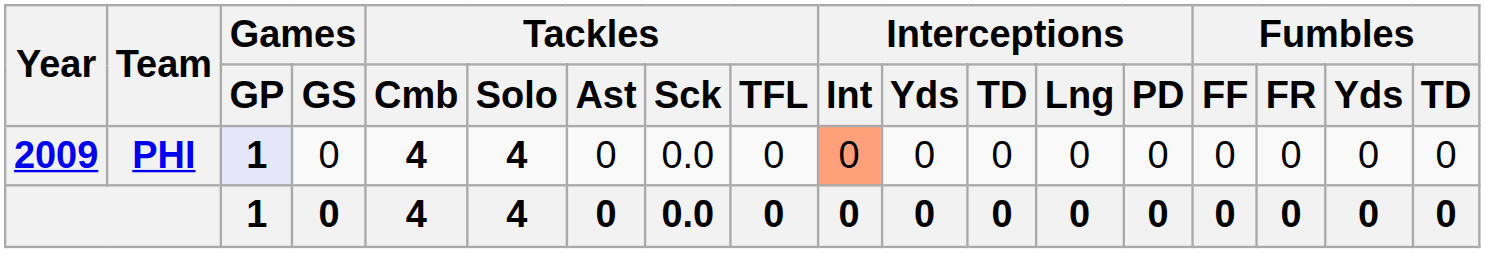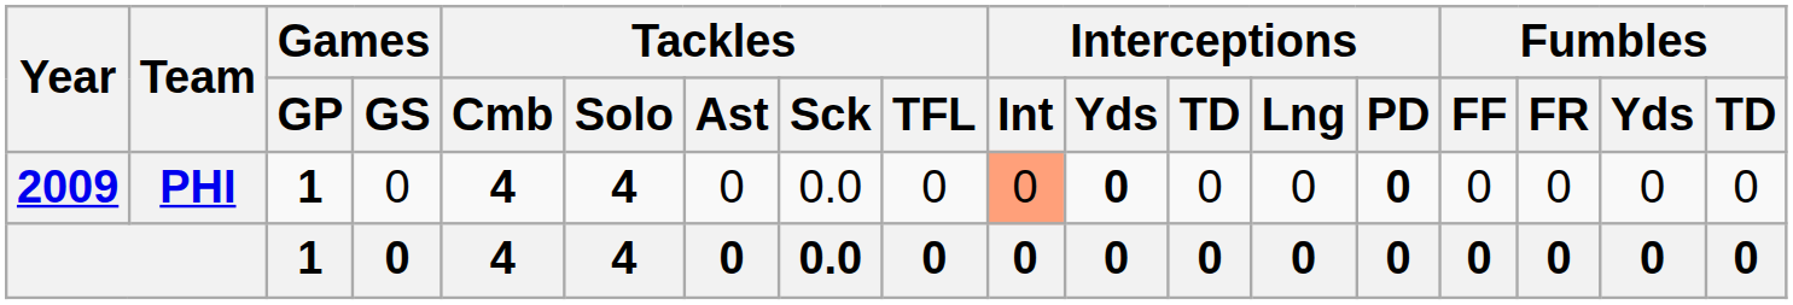 <table class="wikitable" style="text-align:center">
 <tr>
 <th rowspan="2">Year</th>
 <th rowspan="2">Team</th>
 <th colspan="2">Games</th>
 <th colspan="5">Tackles</th>
 <th colspan="5">Interceptions</th>
 <th colspan="4">Fumbles</th>
 </tr>
 <tr>
 <th>GP</th>
 <th>GS</th>
 <th>Cmb</th>
 <th>Solo</th>
 <th>Ast</th>
 <th>Sck</th>
 <th>TFL</th>
 <th>Int</th>
 <th>Yds</th>
 <th>TD</th>
 <th>Lng</th>
 <th>PD</th>
 <th>FF</th>
 <th>FR</th>
 <th>Yds</th>
 <th>TD</th>
 </tr>
 <tr>
 <th><a href='#'>2009</a></th>
 <th><a href='#'>PHI</a></th>
-<td style="background: lavender;"><strong>1</strong></td>
+<td><strong>1</strong></td>
 <td>0</td>
 <td><strong>4</strong></td>
 <td><strong>4</strong></td>
 <td>0</td>
 <td>0.0</td>
 <td>0</td>
 <td style="background: lightsalmon;">0</td>
+<td><strong>0</strong></td>
 <td>0</td>
 <td>0</td>
-<td>0</td>
-<td>0</td>
+<td><strong>0</strong></td>
 <td>0</td>
 <td>0</td>
 <td>0</td>
 <td>0</td>
 </tr>
 <tr>
 <th colspan="2"></th>
 <th>1</th>
 <th>0</th>
 <th>4</th>
 <th>4</th>
 <th>0</th>
 <th>0.0</th>
 <th>0</th>
 <th>0</th>
 <th>0</th>
 <th>0</th>
 <th>0</th>
 <th>0</th>
 <th>0</th>
 <th>0</th>
 <th>0</th>
 <th>0</th>
 </tr>
 </table>
